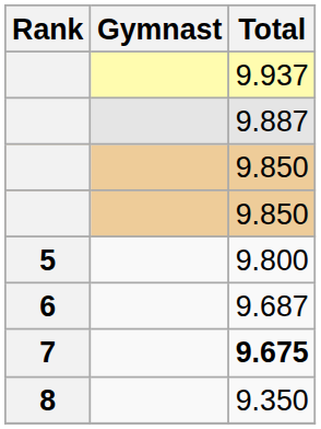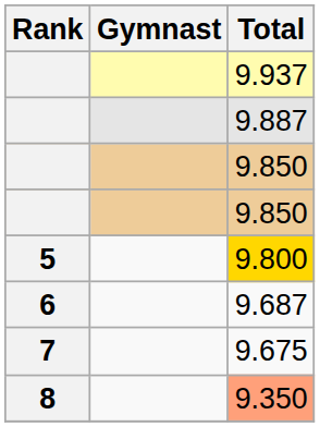 <table class="wikitable sortable" style="text-align:center; font-size:95%">
 <tr>
 <th scope=col>Rank</th>
 <th scope=col>Gymnast</th>
 <th scope=col>Total</th>
 </tr>
 <tr bgcolor=fffcaf>
 <th scope=row style="text-align:center"></th>
 <td align=left></td>
 <td>9.937</td>
 </tr>
 <tr bgcolor=e5e5e5>
 <th scope=row style="text-align:center"></th>
 <td align=left></td>
 <td>9.887</td>
 </tr>
 <tr bgcolor=eecc99>
 <th scope=row style="text-align:center"></th>
 <td align=left></td>
 <td>9.850</td>
 </tr>
 <tr bgcolor=eecc99>
 <th scope=row style="text-align:center"></th>
 <td align=left></td>
 <td>9.850</td>
 </tr>
 <tr>
 <th scope=row style="text-align:center">5</th>
 <td align=left></td>
-<td>9.800</td>
+<td style="background: gold;">9.800</td>
 </tr>
 <tr>
 <th scope=row style="text-align:center">6</th>
 <td align=left></td>
 <td>9.687</td>
 </tr>
 <tr>
 <th scope=row style="text-align:center">7</th>
 <td align=left></td>
-<td><strong>9.675</strong></td>
+<td>9.675</td>
 </tr>
 <tr>
 <th scope=row style="text-align:center">8</th>
 <td align=left></td>
-<td>9.350</td>
+<td style="background: lightsalmon;">9.350</td>
 </tr>
 <tr>
 </tr>
 </table>
